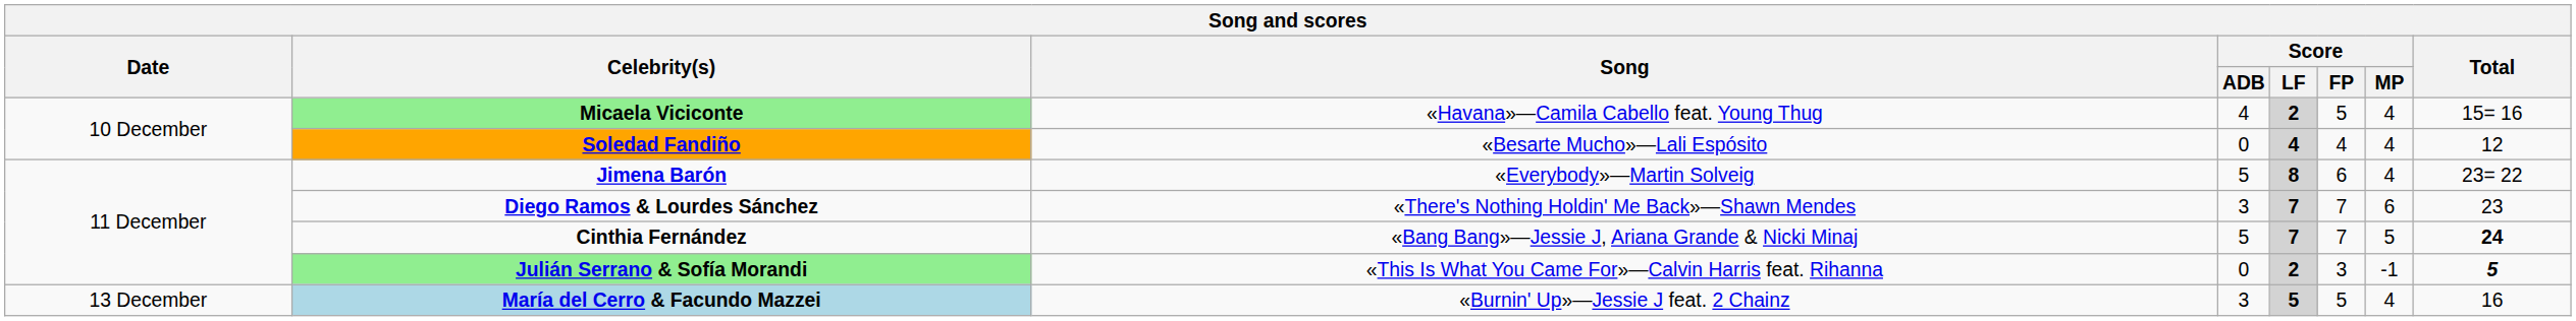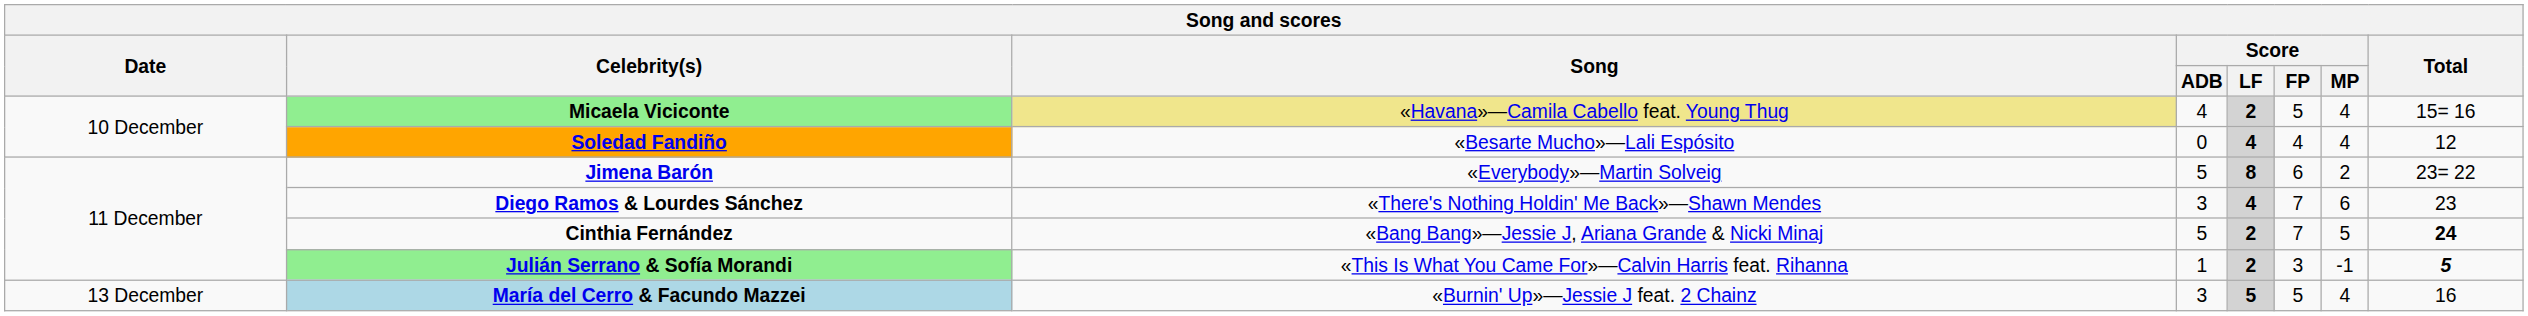 <table class="wikitable collapsible collapsed" style="font-size:95%; text-align: center; width: 100%;">
 <tr>
 <th colspan="11" style="with: 100%;" align=center>Song and scores</th>
 </tr>
 <tr>
 <th rowspan="2">Date</th>
 <th rowspan="2">Celebrity(s)</th>
 <th rowspan="2">Song</th>
 <th colspan="4">Score</th>
 <th rowspan="2">Total</th>
 </tr>
 <tr>
 <th width=30>ADB</th>
 <th width=30>LF</th>
 <th width=30>FP</th>
 <th width=30>MP</th>
 </tr>
 <tr>
 <td rowspan="2">10 December</td>
 <td bgcolor="lightgreen"><strong>Micaela Viciconte</strong></td>
-<td>«<a href='#'>Havana</a>»—<a href='#'>Camila Cabello</a> feat. <a href='#'>Young Thug</a></td>
+<td style="background: khaki;">«<a href='#'>Havana</a>»—<a href='#'>Camila Cabello</a> feat. <a href='#'>Young Thug</a></td>
 <td>4</td>
 <td bgcolor="lightgrey"><strong>2</strong></td>
 <td>5</td>
 <td>4</td>
 <td>15= 16</td>
 </tr>
 <tr>
 <td bgcolor="orange"><strong><a href='#'>Soledad Fandiño</a></strong></td>
 <td>«<a href='#'>Besarte Mucho</a>»—<a href='#'>Lali Espósito</a></td>
 <td>0</td>
 <td bgcolor="lightgrey"><strong>4</strong></td>
 <td>4</td>
 <td>4</td>
 <td>12</td>
 </tr>
 <tr>
 <td rowspan="4">11 December</td>
 <td bgcolor=""><strong><a href='#'>Jimena Barón</a></strong></td>
 <td>«<a href='#'>Everybody</a>»—<a href='#'>Martin Solveig</a></td>
 <td>5</td>
 <td bgcolor="lightgrey"><strong>8</strong></td>
 <td>6</td>
-<td>4</td>
+<td>2</td>
 <td>23= 22</td>
 </tr>
 <tr>
 <td bgcolor=""><strong><a href='#'>Diego Ramos</a> & Lourdes Sánchez</strong></td>
 <td>«<a href='#'>There's Nothing Holdin' Me Back</a>»—<a href='#'>Shawn Mendes</a></td>
 <td>3</td>
-<td bgcolor="lightgrey"><strong>7</strong></td>
+<td bgcolor="lightgrey"><strong>4</strong></td>
 <td>7</td>
 <td>6</td>
 <td>23</td>
 </tr>
 <tr>
 <td bgcolor=""><strong>Cinthia Fernández</strong></td>
 <td>«<a href='#'>Bang Bang</a>»—<a href='#'>Jessie J</a>, <a href='#'>Ariana Grande</a> & <a href='#'>Nicki Minaj</a></td>
 <td>5</td>
-<td bgcolor="lightgrey"><strong>7</strong></td>
+<td bgcolor="lightgrey"><strong>2</strong></td>
 <td>7</td>
 <td>5</td>
 <td><span><strong>24</strong></span></td>
 </tr>
 <tr>
 <td bgcolor="lightgreen"><strong><a href='#'>Julián Serrano</a> & Sofía Morandi</strong></td>
 <td>«<a href='#'>This Is What You Came For</a>»—<a href='#'>Calvin Harris</a> feat. <a href='#'>Rihanna</a></td>
-<td>0</td>
+<td>1</td>
 <td bgcolor="lightgrey"><strong>2</strong></td>
 <td>3</td>
 <td>-1</td>
 <td><span><strong><em>5</em></strong></span></td>
 </tr>
 <tr>
 <td rowspan="1">13 December</td>
 <td bgcolor="lightblue"><strong><a href='#'>María del Cerro</a> & Facundo Mazzei</strong></td>
 <td>«<a href='#'>Burnin' Up</a>»—<a href='#'>Jessie J</a> feat. <a href='#'>2 Chainz</a></td>
 <td>3</td>
 <td bgcolor="lightgrey"><strong>5</strong></td>
 <td>5</td>
 <td>4</td>
 <td>16</td>
 </tr>
 </table>
